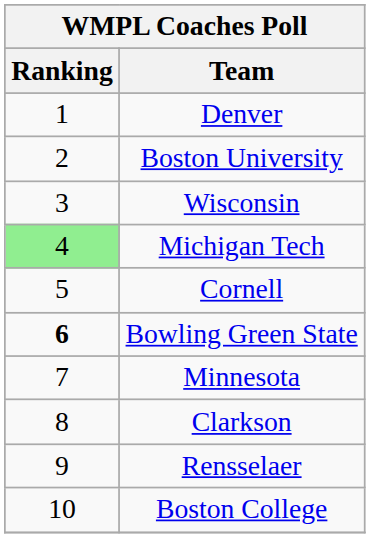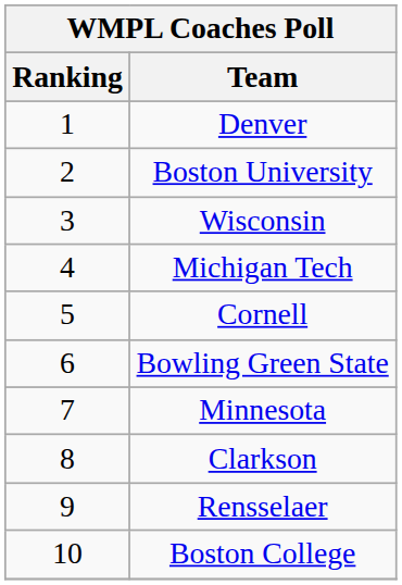 <table class="wikitable" style="text-align:center;">
 <tr>
 <th colspan=2><strong>WMPL Coaches Poll</strong></th>
 </tr>
 <tr>
 <th>Ranking</th>
 <th>Team</th>
 </tr>
 <tr>
 <td>1</td>
 <td><a href='#'>Denver</a></td>
 </tr>
 <tr>
 <td>2</td>
 <td><a href='#'>Boston University</a></td>
 </tr>
 <tr>
 <td>3</td>
 <td><a href='#'>Wisconsin</a></td>
 </tr>
 <tr>
-<td style="background: lightgreen;">4</td>
+<td>4</td>
 <td><a href='#'>Michigan Tech</a></td>
 </tr>
 <tr>
 <td>5</td>
 <td><a href='#'>Cornell</a></td>
 </tr>
 <tr>
-<td><strong>6</strong></td>
+<td>6</td>
 <td><a href='#'>Bowling Green State</a></td>
 </tr>
 <tr>
 <td>7</td>
 <td><a href='#'>Minnesota</a></td>
 </tr>
 <tr>
 <td>8</td>
 <td><a href='#'>Clarkson</a></td>
 </tr>
 <tr>
 <td>9</td>
 <td><a href='#'>Rensselaer</a></td>
 </tr>
 <tr>
 <td>10</td>
 <td><a href='#'>Boston College</a></td>
 </tr>
 <tr>
 </tr>
 </table>
